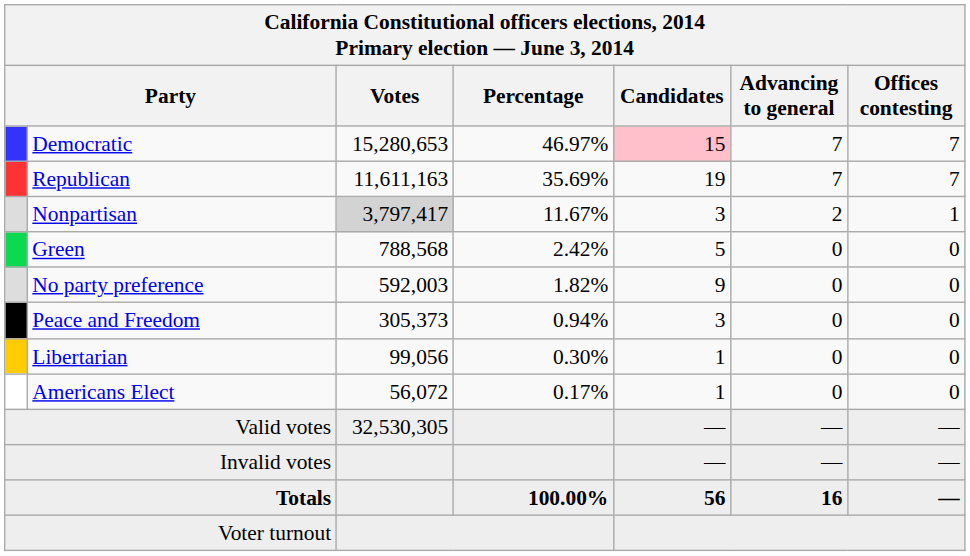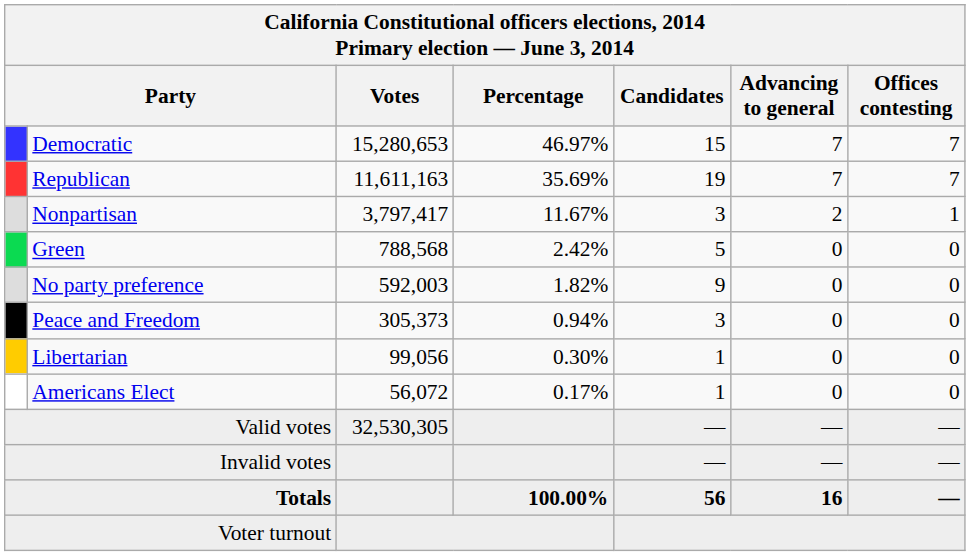 <table class="wikitable" style="font-size:95%;">
 <tr>
 <th colspan="7">California Constitutional officers elections, 2014<br>Primary election — June 3, 2014</th>
 </tr>
 <tr>
 <th colspan=2 style="width: 15em">Party</th>
 <th style="width: 5em">Votes</th>
 <th style="width: 7em">Percentage</th>
 <th style="width: 5em">Candidates</th>
 <th style="width: 5em">Advancing to general</th>
 <th style="width: 5em">Offices contesting</th>
 </tr>
 <tr>
 <th style="background-color:#3333FF; width: 3px"></th>
 <td style="width: 130px"><a href='#'>Democratic</a></td>
 <td align="right">15,280,653</td>
 <td align="right">46.97%</td>
-<td align="right" style="background: pink;">15</td>
+<td align="right">15</td>
 <td align="right">7</td>
 <td align="right">7</td>
 </tr>
 <tr>
 <th style="background-color:#FF3333; width: 3px"></th>
 <td style="width: 130px"><a href='#'>Republican</a></td>
 <td align="right">11,611,163</td>
 <td align="right">35.69%</td>
 <td align="right">19</td>
 <td align="right">7</td>
 <td align="right">7</td>
 </tr>
 <tr>
 <th style="background-color:#DDDDDD; width: 3px"></th>
 <td style="width: 130px"><a href='#'>Nonpartisan</a></td>
-<td align="right" style="background: lightgrey;">3,797,417</td>
+<td align="right">3,797,417</td>
 <td align="right">11.67%</td>
 <td align="right">3</td>
 <td align="right">2</td>
 <td align="right">1</td>
 </tr>
 <tr>
 <th style="background-color:#0BDA51; width: 3px"></th>
 <td style="width: 130px"><a href='#'>Green</a></td>
 <td align="right">788,568</td>
 <td align="right">2.42%</td>
 <td align="right">5</td>
 <td align="right">0</td>
 <td align="right">0</td>
 </tr>
 <tr>
 <th style="background-color:#DDDDDD; width: 3px"></th>
 <td style="width: 130px"><a href='#'>No party preference</a></td>
 <td align="right">592,003</td>
 <td align="right">1.82%</td>
 <td align="right">9</td>
 <td align="right">0</td>
 <td align="right">0</td>
 </tr>
 <tr>
 <th style="background-color:#000000; width: 3px"></th>
 <td style="width: 130px"><a href='#'>Peace and Freedom</a></td>
 <td align="right">305,373</td>
 <td align="right">0.94%</td>
 <td align="right">3</td>
 <td align="right">0</td>
 <td align="right">0</td>
 </tr>
 <tr>
 <th style="background-color:#FFCC00; width: 3px"></th>
 <td style="width: 130px"><a href='#'>Libertarian</a></td>
 <td align="right">99,056</td>
 <td align="right">0.30%</td>
 <td align="right">1</td>
 <td align="right">0</td>
 <td align="right">0</td>
 </tr>
 <tr>
 <th style="background-color:#FFFFFF; width: 3px"></th>
 <td style="width: 130px"><a href='#'>Americans Elect</a></td>
 <td align="right">56,072</td>
 <td align="right">0.17%</td>
 <td align="right">1</td>
 <td align="right">0</td>
 <td align="right">0</td>
 </tr>
 <tr bgcolor="#EEEEEE">
 <td colspan="2" align="right">Valid votes</td>
 <td align="right">32,530,305</td>
 <td align="right"></td>
 <td align="right">—</td>
 <td align="right">—</td>
 <td align="right">—</td>
 </tr>
 <tr bgcolor="#EEEEEE">
 <td colspan="2" align="right">Invalid votes</td>
 <td align="right"></td>
 <td align="right"></td>
 <td align="right">—</td>
 <td align="right">—</td>
 <td align="right">—</td>
 </tr>
 <tr bgcolor="#EEEEEE">
 <td colspan="2" align="right"><strong>Totals</strong></td>
 <td align="right"></td>
 <td align="right"><strong>100.00%</strong></td>
 <td align="right"><strong>56</strong></td>
 <td align="right"><strong>16</strong></td>
 <td align="right"><strong>—</strong></td>
 </tr>
 <tr bgcolor="#EEEEEE">
 <td colspan="2" align="right">Voter turnout</td>
 <td colspan="2" align="right"></td>
 <td colspan="3" align="right"></td>
 </tr>
 </table>
